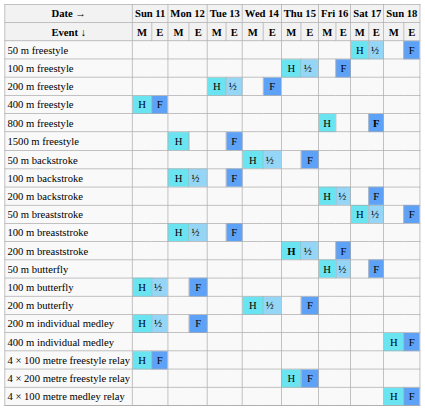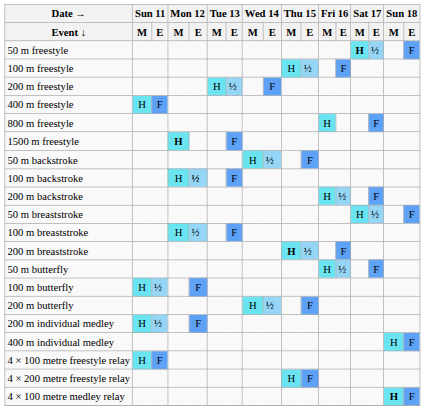 <table class="wikitable" style="margin:0.5em auto; font-size:95%; line-height:1.25em;">
 <tr style="text-align:center;">
 <th>Date →</th>
 <th colspan="2">Sun 11</th>
 <th colspan="2">Mon 12</th>
 <th colspan="2">Tue 13</th>
 <th colspan="2">Wed 14</th>
 <th colspan="2">Thu 15</th>
 <th colspan="2">Fri 16</th>
 <th colspan="2">Sat 17</th>
 <th colspan="2">Sun 18</th>
 </tr>
 <tr>
 <th>Event ↓</th>
 <th>M</th>
 <th>E</th>
 <th>M</th>
 <th>E</th>
 <th>M</th>
 <th>E</th>
 <th>M</th>
 <th>E</th>
 <th>M</th>
 <th>E</th>
 <th>M</th>
 <th>E</th>
 <th>M</th>
 <th>E</th>
 <th>M</th>
 <th>E</th>
 </tr>
 <tr>
 <td class=event>50 m freestyle</td>
 <td colspan=2></td>
 <td colspan=2></td>
 <td colspan=2></td>
 <td colspan=2></td>
 <td colspan=2></td>
 <td colspan=2></td>
-<td style="background-color:#6be4f2; text-align:center;">H</td>
+<td style="background-color:#6be4f2; text-align:center;"><strong>H</strong></td>
 <td style="background-color:#95d6f7;">½</td>
 <td></td>
 <td style="background-color:#5ea2f7; text-align:center;">F</td>
 </tr>
 <tr>
 <td class=event>100 m freestyle</td>
 <td colspan=2></td>
 <td colspan=2></td>
 <td colspan=2></td>
 <td colspan=2></td>
 <td style="background-color:#6be4f2; text-align:center;">H</td>
 <td style="background-color:#95d6f7;">½</td>
 <td></td>
 <td style="background-color:#5ea2f7; text-align:center;">F</td>
 <td colspan=2></td>
 <td colspan=2></td>
 </tr>
 <tr>
 <td class=event>200 m freestyle</td>
 <td colspan=2></td>
 <td colspan=2></td>
 <td style="background-color:#6be4f2; text-align:center;">H</td>
 <td style="background-color:#95d6f7;">½</td>
 <td></td>
 <td style="background-color:#5ea2f7; text-align:center;">F</td>
 <td colspan=2></td>
 <td colspan=2></td>
 <td colspan=2></td>
 <td colspan=2></td>
 </tr>
 <tr>
 <td class=event>400 m freestyle</td>
 <td style="background-color:#6be4f2; text-align:center;">H</td>
 <td style="background-color:#5ea2f7; text-align:center;">F</td>
 <td colspan=2></td>
 <td colspan=2></td>
 <td colspan=2></td>
 <td colspan=2></td>
 <td colspan=2></td>
 <td colspan=2></td>
 </tr>
 <tr>
 <td class=event>800 m freestyle</td>
 <td colspan=2></td>
 <td colspan=2></td>
 <td colspan=2></td>
 <td colspan=2></td>
 <td colspan=2></td>
 <td style="background-color:#6be4f2; text-align:center;">H</td>
 <td></td>
 <td></td>
-<td style="background-color:#5ea2f7; text-align:center;"><strong>F</strong></td>
+<td style="background-color:#5ea2f7; text-align:center;">F</td>
 <td colspan=2></td>
 </tr>
 <tr>
 <td class=event>1500 m freestyle</td>
 <td colspan=2></td>
-<td style="background-color:#6be4f2; text-align:center;">H</td>
+<td style="background-color:#6be4f2; text-align:center;"><strong>H</strong></td>
 <td></td>
 <td></td>
 <td style="background-color:#5ea2f7; text-align:center;">F</td>
 <td colspan=2></td>
 <td colspan=2></td>
 <td colspan=2></td>
 <td colspan=2></td>
 <td colspan=2></td>
 </tr>
 <tr>
 <td class=event>50 m backstroke</td>
 <td colspan=2></td>
 <td colspan=2></td>
 <td colspan=2></td>
 <td style="background-color:#6be4f2; text-align:center;">H</td>
 <td style="background-color:#95d6f7;">½</td>
 <td></td>
 <td style="background-color:#5ea2f7; text-align:center;">F</td>
 <td colspan=2></td>
 <td colspan=2></td>
 <td colspan=2></td>
 </tr>
 <tr>
 <td class=event>100 m backstroke</td>
 <td colspan=2></td>
 <td style="background-color:#6be4f2; text-align:center;">H</td>
-<td style="background-color:#95d6f7;">½</td>
+<td style="background-color:#95d6f7;"><strong>½</strong></td>
 <td></td>
 <td style="background-color:#5ea2f7; text-align:center;">F</td>
 <td colspan=2></td>
 <td colspan=2></td>
 <td colspan=2></td>
 <td colspan=2></td>
 <td colspan=2></td>
 </tr>
 <tr>
 <td class=event>200 m backstroke</td>
 <td colspan=2></td>
 <td colspan=2></td>
 <td colspan=2></td>
 <td colspan=2></td>
 <td colspan=2></td>
 <td style="background-color:#6be4f2; text-align:center;">H</td>
 <td style="background-color:#95d6f7;">½</td>
 <td></td>
 <td style="background-color:#5ea2f7; text-align:center;">F</td>
 <td colspan=2></td>
 </tr>
 <tr>
 <td class=event>50 m breaststroke</td>
 <td colspan=2></td>
 <td colspan=2></td>
 <td colspan=2></td>
 <td colspan=2></td>
 <td colspan=2></td>
 <td colspan=2></td>
 <td style="background-color:#6be4f2; text-align:center;">H</td>
 <td style="background-color:#95d6f7;">½</td>
 <td></td>
 <td style="background-color:#5ea2f7; text-align:center;">F</td>
 </tr>
 <tr>
 <td class=event>100 m breaststroke</td>
 <td colspan=2></td>
 <td style="background-color:#6be4f2; text-align:center;">H</td>
 <td style="background-color:#95d6f7;">½</td>
 <td></td>
 <td style="background-color:#5ea2f7; text-align:center;">F</td>
 <td colspan=2></td>
 <td colspan=2></td>
 <td colspan=2></td>
 <td colspan=2></td>
 <td colspan=2></td>
 </tr>
 <tr>
 <td class=event>200 m breaststroke</td>
 <td colspan=2></td>
 <td colspan=2></td>
 <td colspan=2></td>
 <td colspan=2></td>
 <td style="background-color:#6be4f2; text-align:center;"><strong>H</strong></td>
 <td style="background-color:#95d6f7;">½</td>
 <td></td>
 <td style="background-color:#5ea2f7; text-align:center;">F</td>
 <td colspan=2></td>
 <td colspan=2></td>
 </tr>
 <tr>
 <td class=event>50 m butterfly</td>
 <td colspan=2></td>
 <td colspan=2></td>
 <td colspan=2></td>
 <td colspan=2></td>
 <td colspan=2></td>
 <td style="background-color:#6be4f2; text-align:center;">H</td>
 <td style="background-color:#95d6f7;">½</td>
 <td></td>
 <td style="background-color:#5ea2f7; text-align:center;">F</td>
 <td colspan=2></td>
 </tr>
 <tr>
 <td class=event>100 m butterfly</td>
 <td style="background-color:#6be4f2; text-align:center;">H</td>
 <td style="background-color:#95d6f7;">½</td>
 <td></td>
 <td style="background-color:#5ea2f7; text-align:center;">F</td>
 <td colspan=2></td>
 <td colspan=2></td>
 <td colspan=2></td>
 <td colspan=2></td>
 <td colspan=2></td>
 <td colspan=2></td>
 </tr>
 <tr>
 <td class=event>200 m butterfly</td>
 <td colspan=2></td>
 <td colspan=2></td>
 <td colspan=2></td>
 <td style="background-color:#6be4f2; text-align:center;">H</td>
 <td style="background-color:#95d6f7;">½</td>
 <td></td>
 <td style="background-color:#5ea2f7; text-align:center;">F</td>
 <td colspan=2></td>
 <td colspan=2></td>
 <td colspan=2></td>
 </tr>
 <tr>
 <td class=event>200 m individual medley</td>
 <td style="background-color:#6be4f2; text-align:center;">H</td>
 <td style="background-color:#95d6f7;">½</td>
 <td></td>
 <td style="background-color:#5ea2f7; text-align:center;">F</td>
 <td colspan=2></td>
 <td colspan=2></td>
 <td colspan=2></td>
 <td colspan=2></td>
 <td colspan=2></td>
 <td colspan=2></td>
 </tr>
 <tr>
 <td class=event>400 m individual medley</td>
 <td colspan=2></td>
 <td colspan=2></td>
 <td colspan=2></td>
 <td colspan=2></td>
 <td colspan=2></td>
 <td colspan=2></td>
 <td colspan=2></td>
 <td style="background-color:#6be4f2; text-align:center;">H</td>
 <td style="background-color:#5ea2f7; text-align:center;">F</td>
 </tr>
 <tr>
 <td class=event>4 × 100 metre freestyle relay</td>
 <td style="background-color:#6be4f2; text-align:center;">H</td>
 <td style="background-color:#5ea2f7; text-align:center;">F</td>
 <td colspan=2></td>
 <td colspan=2></td>
 <td colspan=2></td>
 <td colspan=2></td>
 <td colspan=2></td>
 <td colspan=2></td>
 <td colspan=2></td>
 </tr>
 <tr>
 <td class=event>4 × 200 metre freestyle relay</td>
 <td colspan=2></td>
 <td colspan=2></td>
 <td colspan=2></td>
 <td colspan=2></td>
 <td style="background-color:#6be4f2; text-align:center;">H</td>
 <td style="background-color:#5ea2f7; text-align:center;">F</td>
 <td colspan=2></td>
 <td colspan=2></td>
 <td colspan=2></td>
 </tr>
 <tr>
 <td class=event>4 × 100 metre medley relay</td>
 <td colspan=2></td>
 <td colspan=2></td>
 <td colspan=2></td>
 <td colspan=2></td>
 <td colspan=2></td>
 <td colspan=2></td>
 <td colspan=2></td>
-<td style="background-color:#6be4f2; text-align:center;">H</td>
+<td style="background-color:#6be4f2; text-align:center;"><strong>H</strong></td>
 <td style="background-color:#5ea2f7; text-align:center;">F</td>
 </tr>
 <tr>
 </tr>
 </table>
